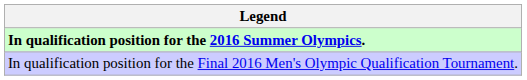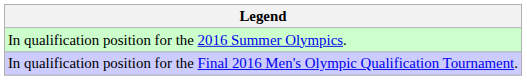 <table class="wikitable">
 <tr>
 <th>Legend</th>
 </tr>
 <tr bgcolor=ccffcc>
-<td><strong>In qualification position for the <a href='#'>2016 Summer Olympics</a>.</strong></td>
+<td>In qualification position for the <a href='#'>2016 Summer Olympics</a>.</td>
 </tr>
 <tr bgcolor=ccccff>
 <td>In qualification position for the <a href='#'>Final 2016 Men's Olympic Qualification Tournament</a>.</td>
 </tr>
 </table>
